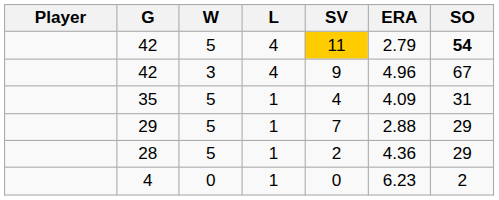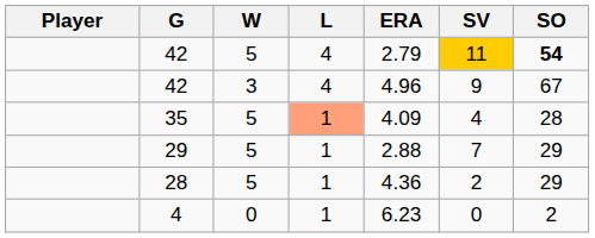 <table class="wikitable sortable">
 <tr>
 <th bgcolor="#DDDDFF" width="16%">Player</th>
 <th bgcolor="#DDDDFF" width="9%">G</th>
 <th bgcolor="#DDDDFF" width="9%">W</th>
 <th bgcolor="#DDDDFF" width="9%">L</th>
+<th bgcolor="#DDDDFF" width="9%">ERA</th>
 <th bgcolor="#DDDDFF" width="9%">SV</th>
-<th bgcolor="#DDDDFF" width="9%">ERA</th>
 <th bgcolor="#DDDDFF" width="9%">SO</th>
 </tr>
 <tr align="center">
 <td></td>
 <td>42</td>
 <td>5</td>
 <td>4</td>
+<td>2.79</td>
 <td style="background:#fc0;">11</td>
-<td>2.79</td>
 <td><strong>54</strong></td>
 </tr>
 <tr align="center">
 <td></td>
 <td>42</td>
 <td>3</td>
 <td>4</td>
+<td>4.96</td>
 <td>9</td>
-<td>4.96</td>
 <td>67</td>
 </tr>
 <tr align="center">
 <td></td>
 <td>35</td>
 <td>5</td>
-<td>1</td>
+<td style="background: lightsalmon;">1</td>
+<td>4.09</td>
 <td>4</td>
-<td>4.09</td>
-<td>31</td>
+<td>28</td>
 </tr>
 <tr align="center">
 <td></td>
 <td>29</td>
 <td>5</td>
 <td>1</td>
+<td>2.88</td>
 <td>7</td>
-<td>2.88</td>
 <td>29</td>
 </tr>
 <tr align="center">
 <td></td>
 <td>28</td>
 <td>5</td>
 <td>1</td>
+<td>4.36</td>
 <td>2</td>
-<td>4.36</td>
 <td>29</td>
 </tr>
 <tr align="center">
 <td></td>
 <td>4</td>
 <td>0</td>
 <td>1</td>
+<td>6.23</td>
 <td>0</td>
-<td>6.23</td>
 <td>2</td>
 </tr>
 </table>
